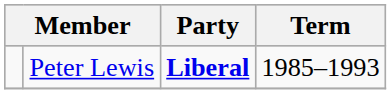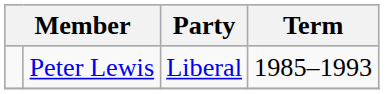 <table class="wikitable">
 <tr>
 <th colspan=2>Member</th>
 <th>Party</th>
 <th>Term</th>
 </tr>
 <tr>
 <td> </td>
 <td><a href='#'>Peter Lewis</a></td>
-<td><strong><a href='#'>Liberal</a></strong></td>
+<td><a href='#'>Liberal</a></td>
 <td>1985–1993</td>
 </tr>
 <tr>
 </tr>
 </table>
